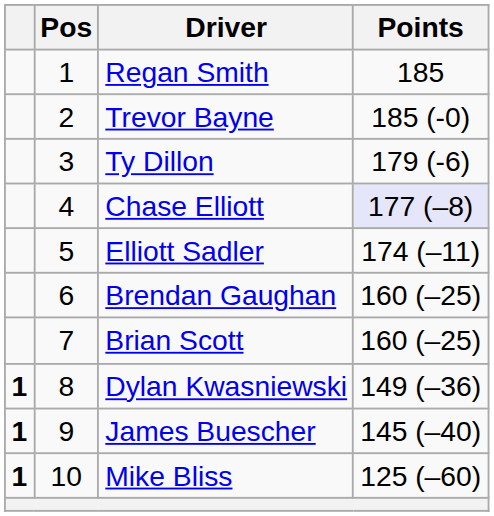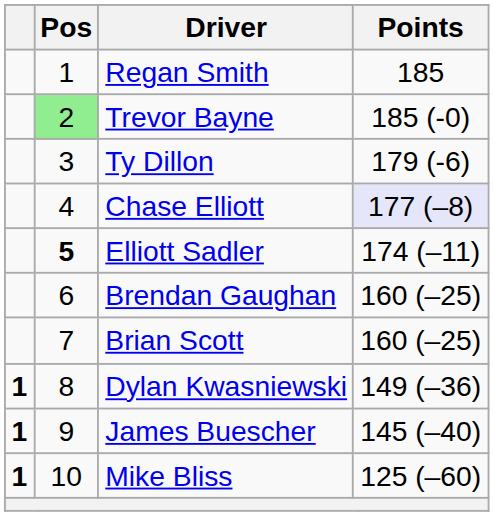 <table class="wikitable" style="font-size: 95%;">
 <tr>
 <th></th>
 <th>Pos</th>
 <th>Driver</th>
 <th>Points</th>
 </tr>
 <tr>
 <td align="left"></td>
 <td style="text-align:center;">1</td>
 <td><a href='#'>Regan Smith</a></td>
 <td style="text-align:center;">185</td>
 </tr>
 <tr>
 <td align="left"></td>
-<td style="text-align:center;">2</td>
+<td style="background: lightgreen; text-align:center;">2</td>
 <td><a href='#'>Trevor Bayne</a></td>
 <td style="text-align:center;">185 (-0)</td>
 </tr>
 <tr>
 <td align="left"></td>
 <td style="text-align:center;">3</td>
 <td><a href='#'>Ty Dillon</a></td>
 <td style="text-align:center;">179 (-6)</td>
 </tr>
 <tr>
 <td align="left"></td>
 <td style="text-align:center;">4</td>
 <td><a href='#'>Chase Elliott</a></td>
 <td style="background: lavender; text-align:center;">177 (–8)</td>
 </tr>
 <tr>
 <td align="left"></td>
-<td style="text-align:center;">5</td>
+<td style="text-align:center;"><strong>5</strong></td>
 <td><a href='#'>Elliott Sadler</a></td>
 <td style="text-align:center;">174 (–11)</td>
 </tr>
 <tr>
 <td align="left"></td>
 <td style="text-align:center;">6</td>
 <td><a href='#'>Brendan Gaughan</a></td>
 <td style="text-align:center;">160 (–25)</td>
 </tr>
 <tr>
 <td align="left"></td>
 <td style="text-align:center;">7</td>
 <td><a href='#'>Brian Scott</a></td>
 <td style="text-align:center;">160 (–25)</td>
 </tr>
 <tr>
 <td align="left"> <strong>1</strong></td>
 <td style="text-align:center;">8</td>
 <td><a href='#'>Dylan Kwasniewski</a></td>
 <td style="text-align:center;">149 (–36)</td>
 </tr>
 <tr>
 <td align="left"> <strong>1</strong></td>
 <td style="text-align:center;">9</td>
 <td><a href='#'>James Buescher</a></td>
 <td style="text-align:center;">145 (–40)</td>
 </tr>
 <tr>
 <td align="left"> <strong>1</strong></td>
 <td style="text-align:center;">10</td>
 <td><a href='#'>Mike Bliss</a></td>
 <td style="text-align:center;">125 (–60)</td>
 </tr>
 <tr class="sortbottom">
 <th colspan="9"></th>
 </tr>
 </table>
